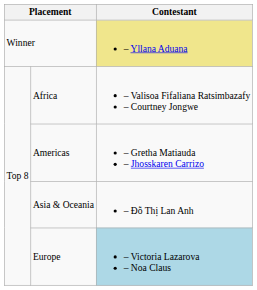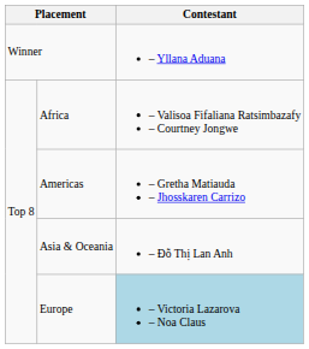 <table class="wikitable sortable unsortable" style="font-size: 95%;">
 <tr>
 <th colspan="2">Placement</th>
 <th>Contestant</th>
 </tr>
 <tr>
 <td colspan="2">Winner</td>
-<td style="background: khaki;"><br><ul><li> – <a href='#'>Yllana Aduana</a></li></ul></td>
+<td><br><ul><li> – <a href='#'>Yllana Aduana</a></li></ul></td>
 </tr>
 <tr>
 <td rowspan="4">Top 8</td>
 <td>Africa</td>
 <td><br><ul><li> – Valisoa Fifaliana Ratsimbazafy</li><li> – Courtney Jongwe</li></ul></td>
 </tr>
 <tr>
 <td>Americas</td>
 <td><br><ul><li> – Gretha Matiauda</li><li> – <a href='#'>Jhosskaren Carrizo</a></li></ul></td>
 </tr>
 <tr>
 <td>Asia & Oceania</td>
 <td><br><ul><li> – Đỗ Thị Lan Anh</li></ul></td>
 </tr>
 <tr>
 <td>Europe</td>
 <td style="background: lightblue;"><br><ul><li> – Victoria Lazarova</li><li> – Noa Claus</li></ul></td>
 </tr>
 </table>
